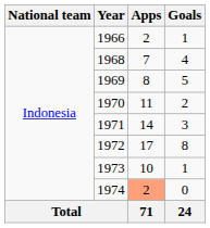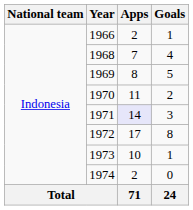 <table class="wikitable" style="text-align:center">
 <tr>
 <th>National team</th>
 <th>Year</th>
 <th>Apps</th>
 <th>Goals</th>
 </tr>
 <tr>
 <td rowspan=8><a href='#'>Indonesia</a></td>
 <td>1966</td>
 <td>2</td>
 <td>1</td>
 </tr>
 <tr>
 <td>1968</td>
 <td>7</td>
 <td>4</td>
 </tr>
 <tr>
 <td>1969</td>
 <td>8</td>
 <td>5</td>
 </tr>
 <tr>
 <td>1970</td>
 <td>11</td>
 <td>2</td>
 </tr>
 <tr>
 <td>1971</td>
-<td>14</td>
+<td style="background: lavender;">14</td>
 <td>3</td>
 </tr>
 <tr>
 <td>1972</td>
 <td>17</td>
 <td>8</td>
 </tr>
 <tr>
 <td>1973</td>
 <td>10</td>
 <td>1</td>
 </tr>
 <tr>
 <td>1974</td>
-<td style="background: lightsalmon;">2</td>
+<td>2</td>
 <td>0</td>
 </tr>
 <tr>
 <th colspan=2>Total</th>
 <th>71</th>
 <th>24</th>
 </tr>
 </table>
